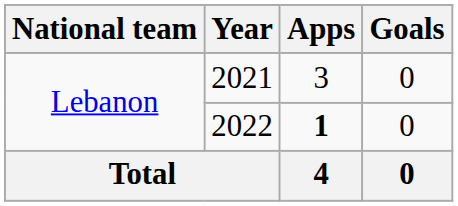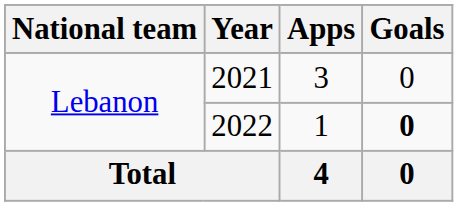 <table class="wikitable" style="text-align:center">
 <tr>
 <th>National team</th>
 <th>Year</th>
 <th>Apps</th>
 <th>Goals</th>
 </tr>
 <tr>
 <td rowspan="2"><a href='#'>Lebanon</a></td>
 <td>2021</td>
 <td>3</td>
 <td>0</td>
 </tr>
 <tr>
 <td>2022</td>
-<td><strong>1</strong></td>
-<td>0</td>
+<td>1</td>
+<td><strong>0</strong></td>
 </tr>
 <tr>
 <th colspan="2">Total</th>
 <th>4</th>
 <th>0</th>
 </tr>
 </table>
